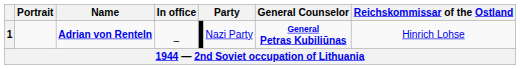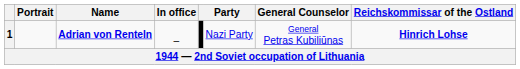 <table class="wikitable" style="text-align:center;">
 <tr>
 <th class="unsortable" scope="col"></th>
 <th class="unsortable" scope="col">Portrait</th>
 <th scope="col">Name<br></th>
 <th class="unsortable" scope="col">In office</th>
 <th colspan="2" scope="col">Party</th>
 <th>General Counselor</th>
 <th><a href='#'>Reichskommissar</a> of the <a href='#'>Ostland</a></th>
 </tr>
 <tr>
 <th>1</th>
 <td></td>
 <td><strong><a href='#'>Adrian von Renteln</a></strong><br></td>
 <td> <br> –<br></td>
 <td style="background-color:#000000"></td>
 <td><a href='#'>Nazi Party</a></td>
-<td><strong><small><a href='#'>General</a></small><br><a href='#'>Petras Kubiliūnas</a><br></strong></td>
-<td><a href='#'>Hinrich Lohse</a></td>
+<td><small><a href='#'>General</a></small><br><a href='#'>Petras Kubiliūnas</a><br></td>
+<td><strong><a href='#'>Hinrich Lohse</a></strong></td>
 </tr>
 <tr>
 <th colspan="8"><a href='#'>1944</a> — <a href='#'>2nd Soviet occupation of Lithuania</a></th>
 </tr>
 </table>
